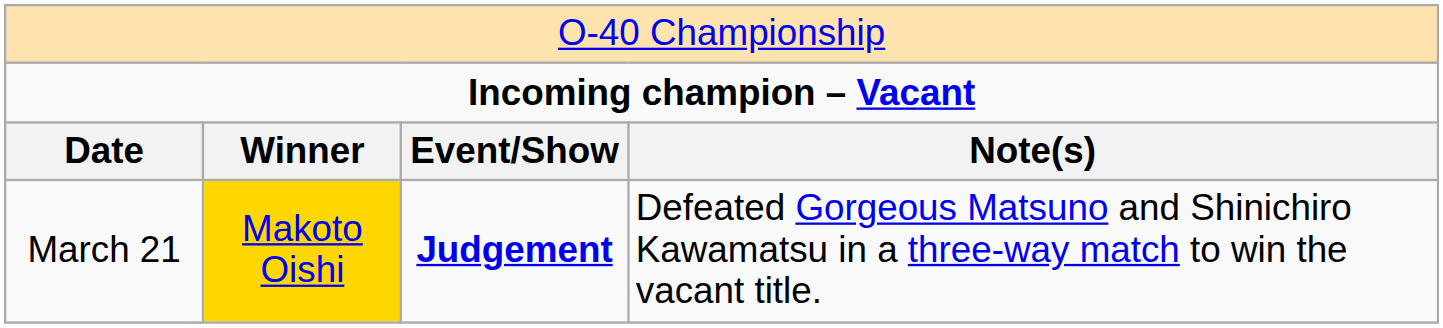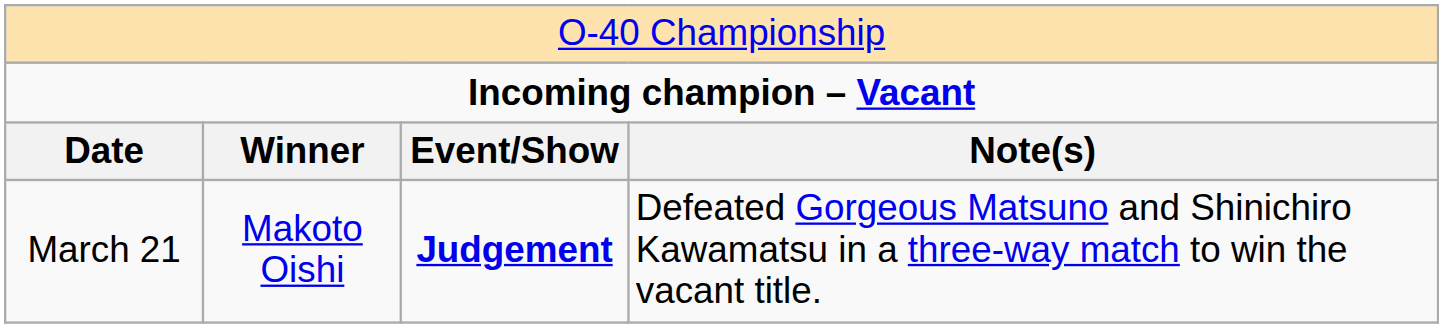 <table class="wikitable" style="text-align:center; width:100%;">
 <tr style="background:#ffe3af;">
 <td colspan="5" style="text-align: center;"><a href='#'>O-40 Championship</a></td>
 </tr>
 <tr>
 <td colspan="5" style="text-align: center;"><strong>Incoming champion – <a href='#'>Vacant</a></strong></td>
 </tr>
 <tr>
 <th width=14%>Date</th>
 <th width=14%>Winner</th>
 <th width=14%>Event/Show</th>
 <th width=58%>Note(s)</th>
 </tr>
 <tr>
 <td>March 21</td>
-<td style="background: gold;"><a href='#'>Makoto Oishi</a></td>
+<td><a href='#'>Makoto Oishi</a></td>
 <td><strong><a href='#'>Judgement</a></strong></td>
 <td align=left>Defeated <a href='#'>Gorgeous Matsuno</a> and Shinichiro Kawamatsu in a <a href='#'>three-way match</a> to win the vacant title.</td>
 </tr>
 </table>
